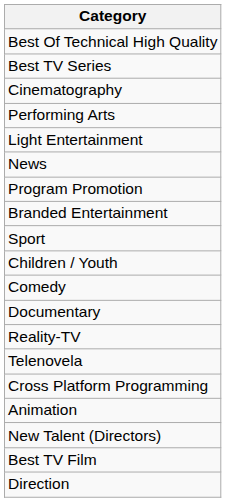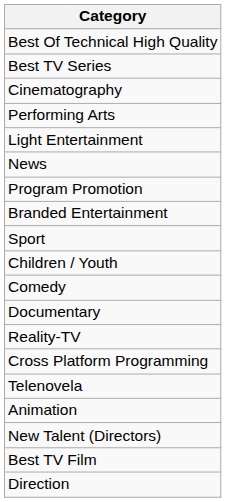 <table class="wikitable">
 <tr>
 <th>Category</th>
 </tr>
 <tr>
 <td>Best Of Technical High Quality</td>
 </tr>
 <tr>
 <td>Best TV Series</td>
 </tr>
 <tr>
 <td>Cinematography</td>
 </tr>
 <tr>
 <td>Performing Arts</td>
 </tr>
 <tr>
 <td>Light Entertainment</td>
 </tr>
 <tr>
 <td>News</td>
 </tr>
 <tr>
 <td>Program Promotion</td>
 </tr>
 <tr>
 <td>Branded Entertainment</td>
 </tr>
 <tr>
 <td>Sport</td>
 </tr>
 <tr>
 <td>Children / Youth</td>
 </tr>
 <tr>
 <td>Comedy</td>
 </tr>
 <tr>
 <td>Documentary</td>
 </tr>
 <tr>
 <td>Reality-TV</td>
 </tr>
 <tr>
-<td>Telenovela</td>
+<td>Cross Platform Programming</td>
 </tr>
 <tr>
-<td>Cross Platform Programming</td>
+<td>Telenovela</td>
 </tr>
 <tr>
 <td>Animation</td>
 </tr>
 <tr>
 <td>New Talent (Directors)</td>
 </tr>
 <tr>
 <td>Best TV Film</td>
 </tr>
 <tr>
 <td>Direction</td>
 </tr>
 </table>
